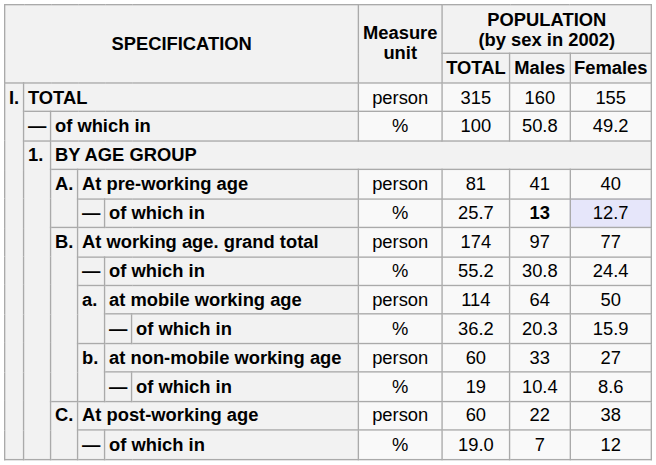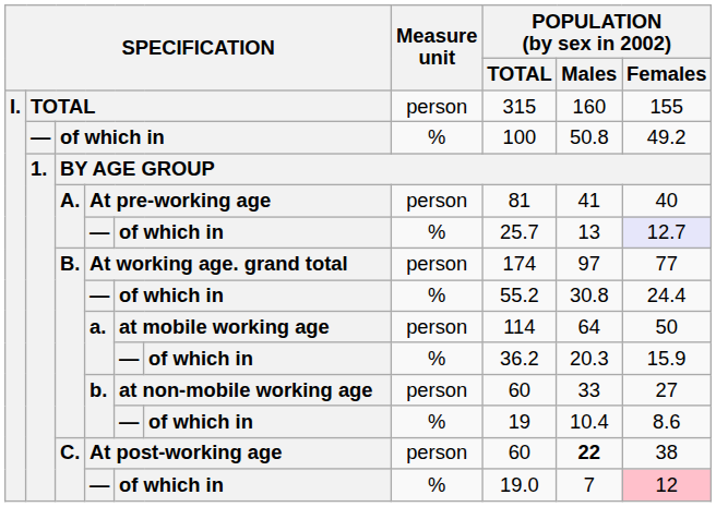 <table class="wikitable" style="font-size:85%; text-align:center">
 <tr>
 <th rowspan="2" colspan="6">SPECIFICATION</th>
 <th rowspan="2">Measure<br> unit</th>
 <th colspan="3" rowspan="1">POPULATION<br> (by sex in 2002)</th>
 </tr>
 <tr>
 <th>TOTAL</th>
 <th>Males</th>
 <th>Females</th>
 </tr>
 <tr>
 <th style="text-align:left" valign="top" rowspan="13">I.</th>
 <th style="text-align:left" colspan="5">TOTAL</th>
 <td>person</td>
 <td>315</td>
 <td>160</td>
 <td>155</td>
 </tr>
 <tr>
 <th style="text-align:left" valign="top">—</th>
 <th style="text-align:left" colspan="4">of which in</th>
 <td>%</td>
 <td>100</td>
 <td>50.8</td>
 <td>49.2</td>
 </tr>
 <tr>
 <th style="text-align:left" valign="top" rowspan="11">1.</th>
 <th style="text-align:left" colspan="19">BY AGE GROUP</th>
 </tr>
 <tr>
 <th style="text-align:left" valign="top" rowspan="2">A.</th>
 <th style="text-align:left" colspan="3">At pre-working age</th>
 <td>person</td>
 <td>81</td>
 <td>41</td>
 <td>40</td>
 </tr>
 <tr>
 <th style="text-align:left" valign="top">—</th>
 <th style="text-align:left" valign="top" colspan="2">of which in</th>
 <td>%</td>
 <td>25.7</td>
-<td><strong>13</strong></td>
+<td>13</td>
 <td style="background: lavender;">12.7</td>
 </tr>
 <tr>
 <th style="text-align:left" valign="top" rowspan="6">B.</th>
 <th style="text-align:left" colspan="3">At working age. grand total</th>
 <td>person</td>
 <td>174</td>
 <td>97</td>
 <td>77</td>
 </tr>
 <tr>
 <th style="text-align:left" valign="top">—</th>
 <th style="text-align:left" valign="top" colspan="2">of which in</th>
 <td>%</td>
 <td>55.2</td>
 <td>30.8</td>
 <td>24.4</td>
 </tr>
 <tr>
 <th style="text-align:left" valign="top" rowspan="2">a.</th>
 <th style="text-align:left" colspan="2">at mobile working age</th>
 <td>person</td>
 <td>114</td>
 <td>64</td>
 <td>50</td>
 </tr>
 <tr>
 <th style="text-align:left" valign="top">—</th>
 <th style="text-align:left" valign="top" colspan="1">of which in                        </th>
 <td>%</td>
 <td>36.2</td>
 <td>20.3</td>
 <td>15.9</td>
 </tr>
 <tr>
 <th style="text-align:left" valign="top" rowspan="2">b.</th>
 <th style="text-align:left" colspan="2">at non-mobile working age</th>
 <td>person</td>
 <td>60</td>
 <td>33</td>
 <td>27</td>
 </tr>
 <tr>
 <th style="text-align:left" valign="top">—</th>
 <th style="text-align:left" valign="top" colspan="1">of which in                        </th>
 <td>%</td>
 <td>19</td>
 <td>10.4</td>
 <td>8.6</td>
 </tr>
 <tr>
 <th style="text-align:left" valign="top" rowspan="2">C.</th>
 <th style="text-align:left" colspan="3">At post-working age</th>
 <td>person</td>
 <td>60</td>
-<td>22</td>
+<td><strong>22</strong></td>
 <td>38</td>
 </tr>
 <tr>
 <th style="text-align:left" valign="top">—</th>
 <th style="text-align:left" valign="top" colspan="2">of which in</th>
 <td>%</td>
 <td>19.0</td>
 <td>7</td>
-<td>12</td>
+<td style="background: pink;">12</td>
 </tr>
 </table>
